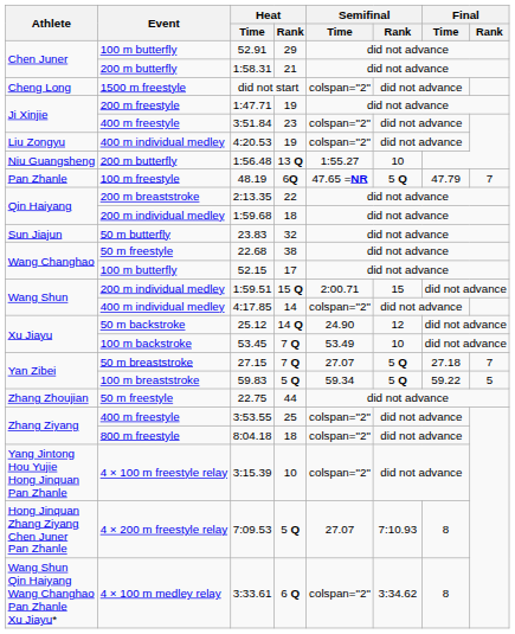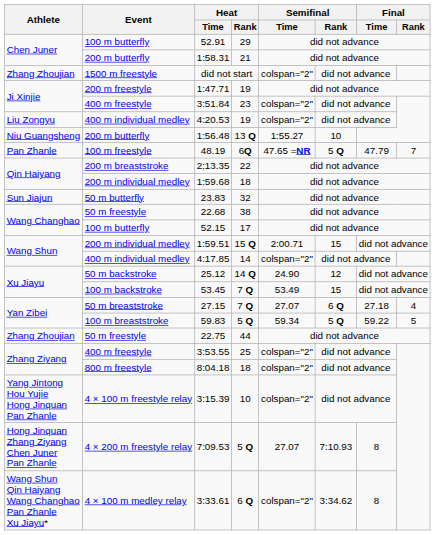 <table class="wikitable" style="text-align:center; font-size:90%">
 <tr>
 <th rowspan="2">Athlete</th>
 <th rowspan="2">Event</th>
 <th colspan="2">Heat</th>
 <th colspan="2">Semifinal</th>
 <th colspan="2">Final</th>
 </tr>
 <tr style="font-size:95%">
 <th>Time</th>
 <th>Rank</th>
 <th>Time</th>
 <th>Rank</th>
 <th>Time</th>
 <th>Rank</th>
 </tr>
 <tr>
 <td align=left rowspan=2><a href='#'>Chen Juner</a></td>
 <td align=left><a href='#'>100 m butterfly</a></td>
 <td>52.91</td>
 <td>29</td>
 <td colspan="4">did not advance</td>
 </tr>
 <tr>
 <td align=left><a href='#'>200 m butterfly</a></td>
 <td>1:58.31</td>
 <td>21</td>
 <td colspan="4">did not advance</td>
 </tr>
 <tr>
-<td align=left><a href='#'>Cheng Long</a></td>
+<td align=left><a href='#'>Zhang Zhoujian</a></td>
 <td align=left><a href='#'>1500 m freestyle</a></td>
 <td colspan="2">did not start</td>
 <td>colspan="2" </td>
 <td colspan="2">did not advance</td>
 </tr>
 <tr>
 <td align=left rowspan=2><a href='#'>Ji Xinjie</a></td>
 <td align=left><a href='#'>200 m freestyle</a></td>
 <td>1:47.71</td>
 <td>19</td>
 <td colspan="4">did not advance</td>
 </tr>
 <tr>
 <td align=left><a href='#'>400 m freestyle</a></td>
 <td>3:51.84</td>
 <td>23</td>
 <td>colspan="2" </td>
 <td colspan="2">did not advance</td>
 </tr>
 <tr>
 <td align=left><a href='#'>Liu Zongyu</a></td>
 <td align=left><a href='#'>400 m individual medley</a></td>
 <td>4:20.53</td>
 <td>19</td>
 <td>colspan="2" </td>
 <td colspan="2">did not advance</td>
 </tr>
 <tr>
 <td align=left><a href='#'>Niu Guangsheng</a></td>
 <td align=left><a href='#'>200 m butterfly</a></td>
 <td>1:56.48</td>
 <td>13 <strong>Q</strong></td>
 <td>1:55.27</td>
 <td>10</td>
 </tr>
 <tr>
 <td align=left><a href='#'>Pan Zhanle</a></td>
 <td align=left><a href='#'>100 m freestyle</a></td>
 <td>48.19</td>
 <td>6<strong>Q</strong></td>
 <td>47.65 =<strong><a href='#'>NR</a></strong></td>
 <td>5 <strong>Q</strong></td>
 <td>47.79</td>
 <td>7</td>
 </tr>
 <tr>
 <td align=left rowspan=2><a href='#'>Qin Haiyang</a></td>
 <td align=left><a href='#'>200 m breaststroke</a></td>
 <td>2:13.35</td>
 <td>22</td>
 <td colspan="4">did not advance</td>
 </tr>
 <tr>
 <td align=left><a href='#'>200 m individual medley</a></td>
 <td>1:59.68</td>
 <td>18</td>
 <td colspan="4">did not advance</td>
 </tr>
 <tr>
 <td align=left><a href='#'>Sun Jiajun</a></td>
 <td align=left><a href='#'>50 m butterfly</a></td>
 <td>23.83</td>
 <td>32</td>
 <td colspan="4">did not advance</td>
 </tr>
 <tr>
 <td align=left rowspan=2><a href='#'>Wang Changhao</a></td>
 <td align=left><a href='#'>50 m freestyle</a></td>
 <td>22.68</td>
 <td>38</td>
 <td colspan="4">did not advance</td>
 </tr>
 <tr>
 <td align=left><a href='#'>100 m butterfly</a></td>
 <td>52.15</td>
 <td>17</td>
 <td colspan="4">did not advance</td>
 </tr>
 <tr>
 <td align=left rowspan=2><a href='#'>Wang Shun</a></td>
 <td align=left><a href='#'>200 m individual medley</a></td>
 <td>1:59.51</td>
 <td>15 <strong>Q</strong></td>
 <td>2:00.71</td>
 <td>15</td>
 <td colspan="2">did not advance</td>
 </tr>
 <tr>
 <td align=left><a href='#'>400 m individual medley</a></td>
 <td>4:17.85</td>
 <td>14</td>
 <td>colspan="2" </td>
 <td colspan="2">did not advance</td>
 </tr>
 <tr>
 <td align=left rowspan=2><a href='#'>Xu Jiayu</a></td>
 <td align=left><a href='#'>50 m backstroke</a></td>
 <td>25.12</td>
 <td>14 <strong>Q</strong></td>
 <td>24.90</td>
 <td>12</td>
 <td colspan="2">did not advance</td>
 </tr>
 <tr>
 <td align=left><a href='#'>100 m backstroke</a></td>
 <td>53.45</td>
 <td>7 <strong>Q</strong></td>
 <td>53.49</td>
-<td>10</td>
+<td>15</td>
 <td colspan="2">did not advance</td>
 </tr>
 <tr>
 <td align=left rowspan=2><a href='#'>Yan Zibei</a></td>
 <td align=left><a href='#'>50 m breaststroke</a></td>
 <td>27.15</td>
 <td>7 <strong>Q</strong></td>
 <td>27.07</td>
-<td>5 <strong>Q</strong></td>
+<td>6 <strong>Q</strong></td>
 <td>27.18</td>
-<td>7</td>
+<td>4</td>
 </tr>
 <tr>
 <td align=left><a href='#'>100 m breaststroke</a></td>
 <td>59.83</td>
 <td>5 <strong>Q</strong></td>
 <td>59.34</td>
 <td>5 <strong>Q</strong></td>
 <td>59.22</td>
 <td>5</td>
 </tr>
 <tr>
 <td align=left><a href='#'>Zhang Zhoujian</a></td>
 <td align=left><a href='#'>50 m freestyle</a></td>
 <td>22.75</td>
 <td>44</td>
 <td colspan="4">did not advance</td>
 </tr>
 <tr>
 <td align=left rowspan=2><a href='#'>Zhang Ziyang</a></td>
 <td align=left><a href='#'>400 m freestyle</a></td>
 <td>3:53.55</td>
 <td>25</td>
 <td>colspan="2" </td>
 <td colspan="2">did not advance</td>
 </tr>
 <tr>
 <td align=left><a href='#'>800 m freestyle</a></td>
 <td>8:04.18</td>
 <td>18</td>
 <td>colspan="2" </td>
 <td colspan="2">did not advance</td>
 </tr>
 <tr>
 <td align=left><a href='#'>Yang Jintong</a> <br><a href='#'>Hou Yujie</a><br><a href='#'>Hong Jinquan</a> <br><a href='#'>Pan Zhanle</a></td>
 <td align=left><a href='#'>4 × 100 m freestyle relay</a></td>
 <td>3:15.39</td>
 <td>10</td>
 <td>colspan="2" </td>
 <td colspan="2">did not advance</td>
 </tr>
 <tr>
 <td align=left><a href='#'>Hong Jinquan</a><br><a href='#'>Zhang Ziyang</a> <br><a href='#'>Chen Juner</a> <br><a href='#'>Pan Zhanle</a></td>
 <td align=left><a href='#'>4 × 200 m freestyle relay</a></td>
 <td>7:09.53</td>
 <td>5 <strong>Q</strong></td>
 <td>27.07</td>
 <td>7:10.93</td>
 <td>8</td>
 </tr>
 <tr>
 <td align=left><a href='#'>Wang Shun</a><br><a href='#'>Qin Haiyang</a> <br><a href='#'>Wang Changhao</a><br><a href='#'>Pan Zhanle</a><br><a href='#'>Xu Jiayu</a>*</td>
 <td align=left><a href='#'>4 × 100 m medley relay</a></td>
 <td>3:33.61</td>
 <td>6 <strong>Q</strong></td>
 <td>colspan="2" </td>
 <td>3:34.62</td>
 <td>8</td>
 </tr>
 </table>
